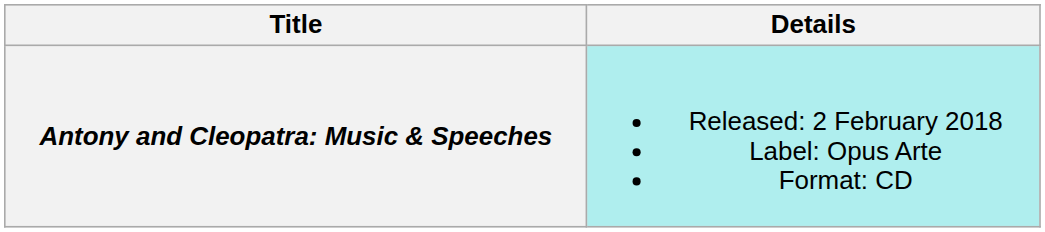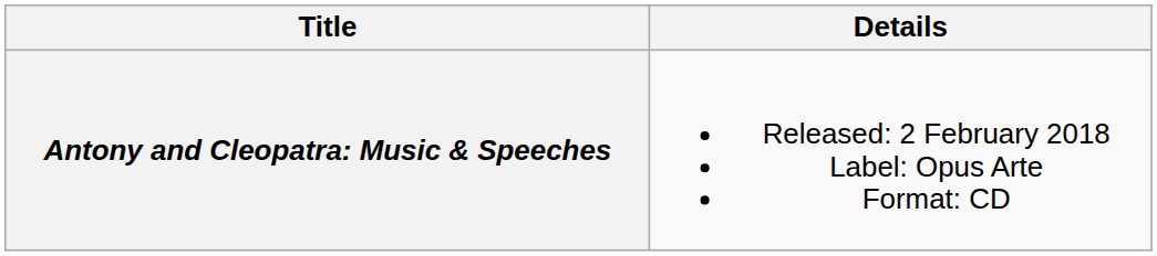 <table class="wikitable plainrowheaders" style="text-align:center;">
 <tr>
 <th scope="col" style="width:22em;">Title</th>
 <th scope="col" style="width:17em;">Details</th>
 </tr>
 <tr>
 <th scope="row"><em>Antony and Cleopatra: Music & Speeches</em></th>
-<td style="background: paleturquoise;"><br><ul><li>Released: 2 February 2018</li><li>Label: Opus Arte</li><li>Format: CD</li></ul></td>
+<td><br><ul><li>Released: 2 February 2018</li><li>Label: Opus Arte</li><li>Format: CD</li></ul></td>
 </tr>
 </table>
